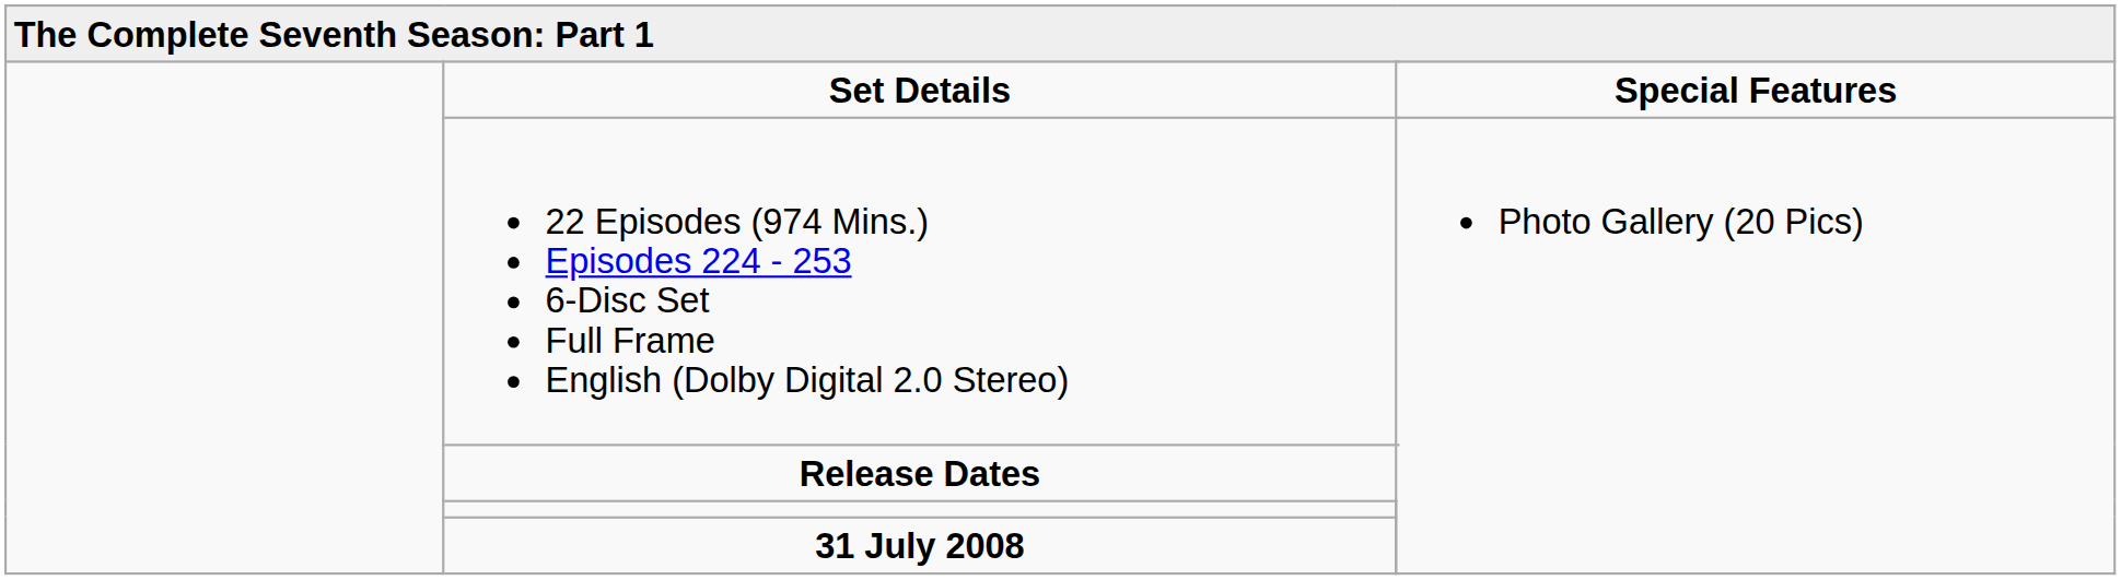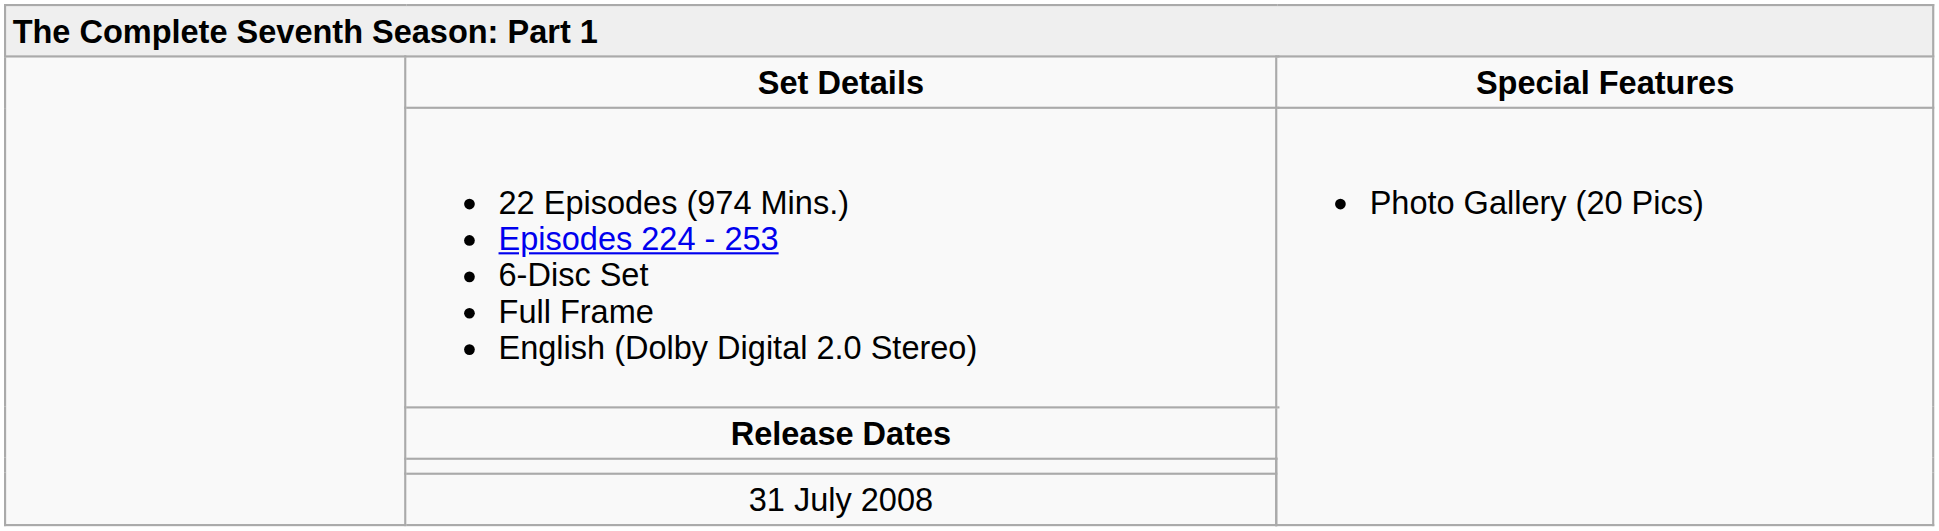 <table class="wikitable" style="font-size: 95%;">
 <tr style="background:#EFEFEF">
 <td colspan="5"><strong>The Complete Seventh Season: Part 1</strong></td>
 </tr>
 <tr>
 <td rowspan="6" align="center" width="180"></td>
 <td align="center" width="350" colspan="3"><strong>Set Details</strong></td>
 <td width="250" align="center"><strong>Special Features</strong></td>
 </tr>
 <tr valign="top">
 <td colspan="3" align="left" width="400"><br><ul><li>22 Episodes (974 Mins.)</li><li><a href='#'>Episodes 224 - 253</a></li><li>6-Disc Set</li><li>Full Frame</li><li>English (Dolby Digital 2.0 Stereo)</li></ul></td>
 <td rowspan="4" align="left" width="300"><br><ul><li>Photo Gallery (20 Pics)</li></ul></td>
 </tr>
 <tr>
 <td colspan="3" align="center"><strong>Release Dates</strong></td>
 </tr>
 <tr>
 <td align="center"></td>
 </tr>
 <tr>
-<td align="center"><strong>31 July 2008</strong></td>
+<td align="center">31 July 2008</td>
 </tr>
 </table>
